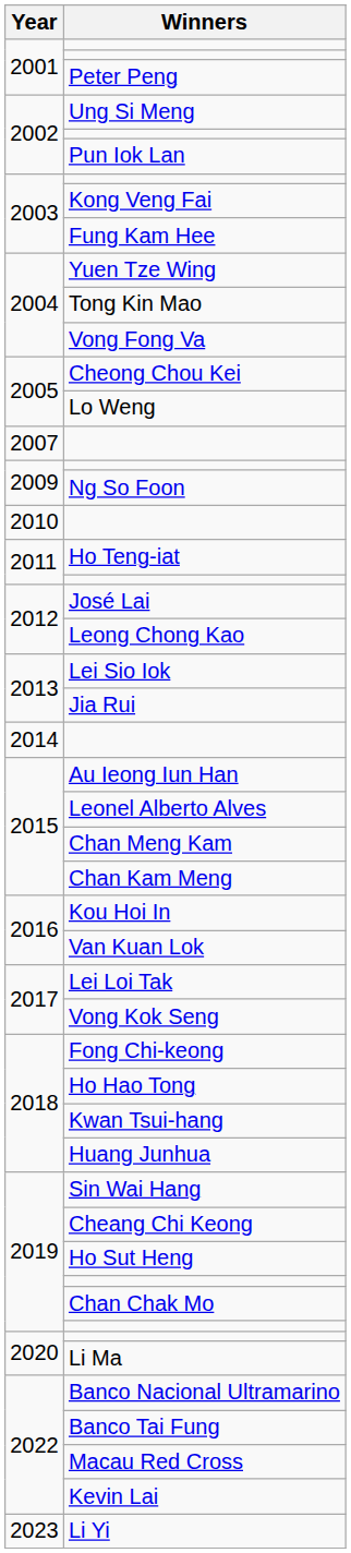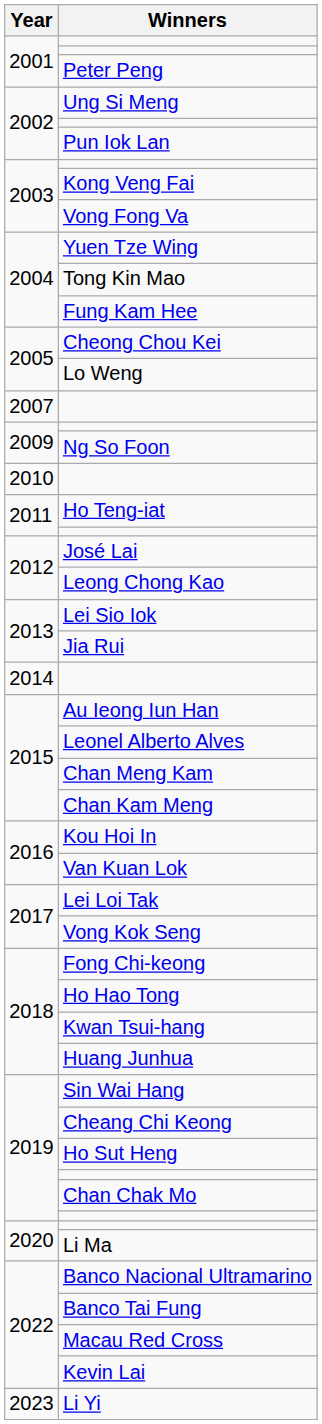 <table class="wikitable">
 <tr>
 <th>Year</th>
 <th>Winners</th>
 </tr>
 <tr>
 <td rowspan="3">2001</td>
 <td></td>
 </tr>
 <tr>
 <td></td>
 </tr>
 <tr>
 <td><a href='#'>Peter Peng</a></td>
 </tr>
 <tr>
 <td rowspan="3">2002</td>
 <td><a href='#'>Ung Si Meng</a></td>
 </tr>
 <tr>
 <td></td>
 </tr>
 <tr>
 <td><a href='#'>Pun Iok Lan</a></td>
 </tr>
 <tr>
 <td rowspan="3">2003</td>
 <td></td>
 </tr>
 <tr>
 <td><a href='#'>Kong Veng Fai</a></td>
 </tr>
 <tr>
-<td><a href='#'>Fung Kam Hee</a></td>
+<td><a href='#'>Vong Fong Va</a></td>
 </tr>
 <tr>
 <td rowspan="3">2004</td>
 <td><a href='#'>Yuen Tze Wing</a></td>
 </tr>
 <tr>
 <td>Tong Kin Mao</td>
 </tr>
 <tr>
-<td><a href='#'>Vong Fong Va</a></td>
+<td><a href='#'>Fung Kam Hee</a></td>
 </tr>
 <tr>
 <td rowspan="2">2005</td>
 <td><a href='#'>Cheong Chou Kei</a></td>
 </tr>
 <tr>
 <td>Lo Weng</td>
 </tr>
 <tr>
 <td>2007</td>
 <td></td>
 </tr>
 <tr>
 <td rowspan="2">2009</td>
 <td></td>
 </tr>
 <tr>
 <td><a href='#'>Ng So Foon</a></td>
 </tr>
 <tr>
 <td>2010</td>
 <td></td>
 </tr>
 <tr>
 <td rowspan="2">2011</td>
 <td><a href='#'>Ho Teng-iat</a></td>
 </tr>
 <tr>
 <td></td>
 </tr>
 <tr>
 <td rowspan="2">2012</td>
 <td><a href='#'>José Lai</a></td>
 </tr>
 <tr>
 <td><a href='#'>Leong Chong Kao</a></td>
 </tr>
 <tr>
 <td rowspan="2">2013</td>
 <td><a href='#'>Lei Sio Iok</a></td>
 </tr>
 <tr>
 <td><a href='#'>Jia Rui</a></td>
 </tr>
 <tr>
 <td>2014</td>
 <td></td>
 </tr>
 <tr>
 <td rowspan="4">2015</td>
 <td><a href='#'>Au Ieong Iun Han</a></td>
 </tr>
 <tr>
 <td><a href='#'>Leonel Alberto Alves</a></td>
 </tr>
 <tr>
 <td><a href='#'>Chan Meng Kam</a></td>
 </tr>
 <tr>
 <td><a href='#'>Chan Kam Meng</a></td>
 </tr>
 <tr>
 <td rowspan="2">2016</td>
 <td><a href='#'>Kou Hoi In</a></td>
 </tr>
 <tr>
 <td><a href='#'>Van Kuan Lok</a></td>
 </tr>
 <tr>
 <td rowspan="2">2017</td>
 <td><a href='#'>Lei Loi Tak</a></td>
 </tr>
 <tr>
 <td><a href='#'>Vong Kok Seng</a></td>
 </tr>
 <tr>
 <td rowspan="4">2018</td>
 <td><a href='#'>Fong Chi-keong</a></td>
 </tr>
 <tr>
 <td><a href='#'>Ho Hao Tong</a></td>
 </tr>
 <tr>
 <td><a href='#'>Kwan Tsui-hang</a></td>
 </tr>
 <tr>
 <td><a href='#'>Huang Junhua</a></td>
 </tr>
 <tr>
 <td rowspan="6">2019</td>
 <td><a href='#'>Sin Wai Hang</a></td>
 </tr>
 <tr>
 <td><a href='#'>Cheang Chi Keong</a></td>
 </tr>
 <tr>
 <td><a href='#'>Ho Sut Heng</a></td>
 </tr>
 <tr>
 <td></td>
 </tr>
 <tr>
 <td><a href='#'>Chan Chak Mo</a></td>
 </tr>
 <tr>
 <td></td>
 </tr>
 <tr>
 <td rowspan="2">2020</td>
 <td></td>
 </tr>
 <tr>
 <td>Li Ma</td>
 </tr>
 <tr>
 <td rowspan="4">2022</td>
 <td><a href='#'>Banco Nacional Ultramarino</a></td>
 </tr>
 <tr>
 <td><a href='#'>Banco Tai Fung</a></td>
 </tr>
 <tr>
 <td><a href='#'>Macau Red Cross</a></td>
 </tr>
 <tr>
 <td><a href='#'>Kevin Lai</a></td>
 </tr>
 <tr>
 <td>2023</td>
 <td><a href='#'>Li Yi</a></td>
 </tr>
 </table>
